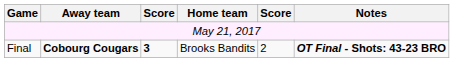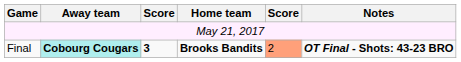 <table class="wikitable">
 <tr>
 <th>Game</th>
 <th>Away team</th>
 <th>Score</th>
 <th>Home team</th>
 <th>Score</th>
 <th>Notes</th>
 </tr>
 <tr style="text-align:center; background:#fef;">
 <td colspan="11"><em>May 21, 2017</em></td>
 </tr>
 <tr>
 <td>Final</td>
-<td><strong>Cobourg Cougars</strong></td>
+<td style="background: paleturquoise;"><strong>Cobourg Cougars</strong></td>
 <td><strong>3</strong></td>
-<td>Brooks Bandits</td>
-<td>2</td>
+<td><strong>Brooks Bandits</strong></td>
+<td style="background: lightsalmon;">2</td>
 <td><strong><em>OT Final</em> - Shots: 43-23 BRO</strong></td>
 </tr>
 </table>
